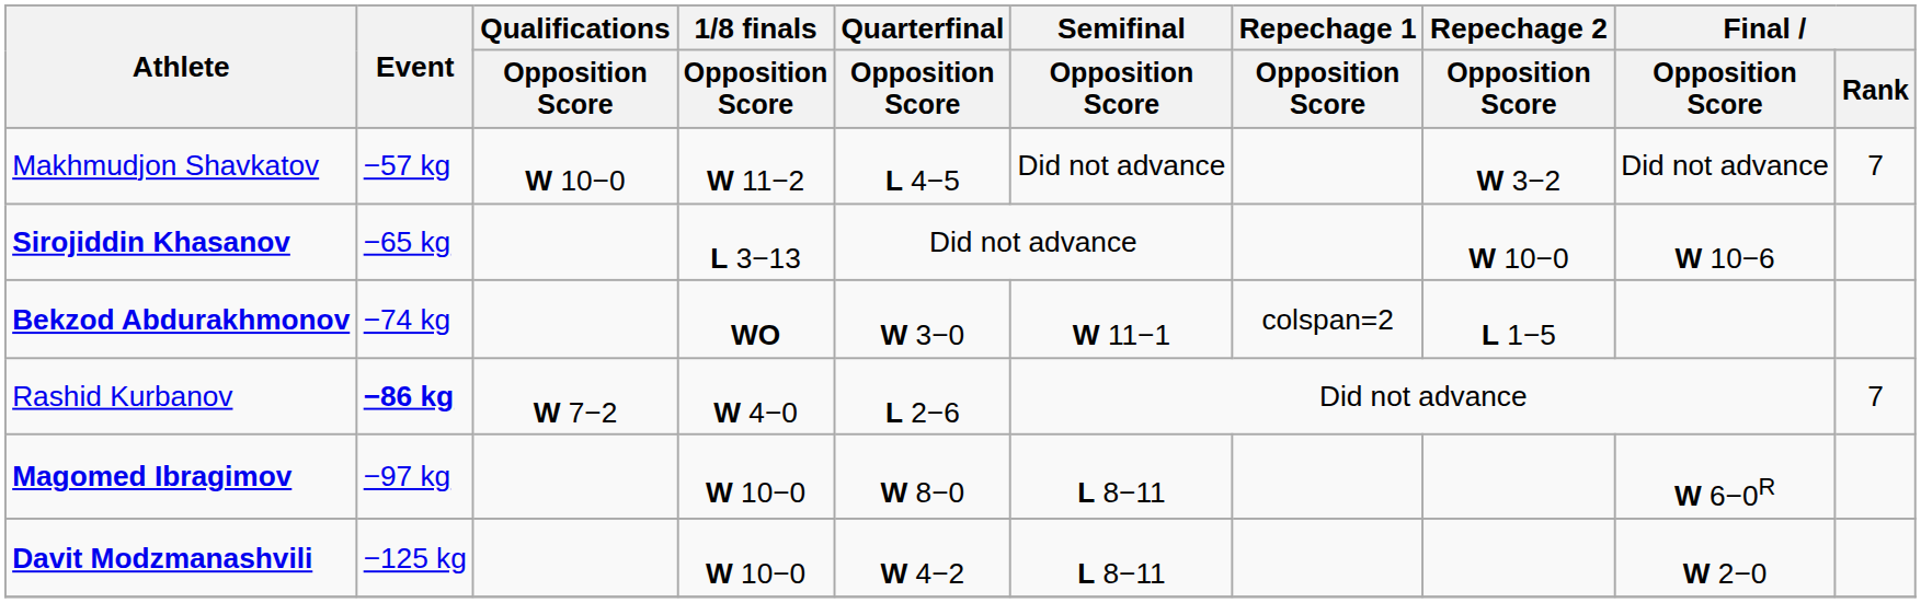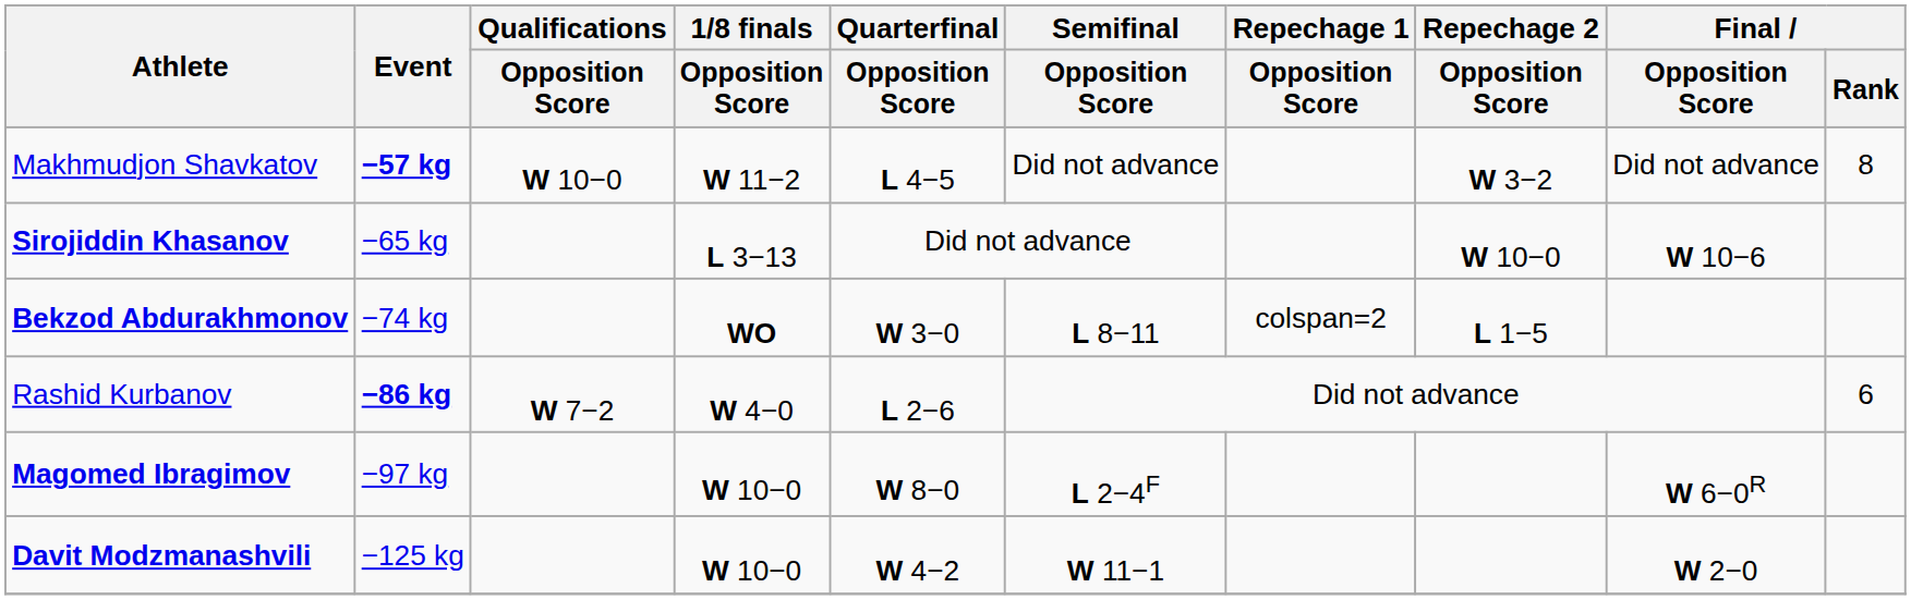 <table class=wikitable style=font-size:85%;text-align:center>
 <tr>
 <th rowspan=2>Athlete</th>
 <th rowspan=2>Event</th>
 <th>Qualifications</th>
 <th>1/8 finals</th>
 <th>Quarterfinal</th>
 <th>Semifinal</th>
 <th>Repechage 1</th>
 <th>Repechage 2</th>
 <th colspan=2>Final / </th>
 </tr>
 <tr style=font-size:95%>
 <th>Opposition<br>Score</th>
 <th>Opposition<br>Score</th>
 <th>Opposition<br>Score</th>
 <th>Opposition<br>Score</th>
 <th>Opposition<br>Score</th>
 <th>Opposition<br>Score</th>
 <th>Opposition<br>Score</th>
 <th>Rank</th>
 </tr>
 <tr>
 <td align=left><a href='#'>Makhmudjon Shavkatov</a></td>
-<td align=left><a href='#'>−57 kg</a></td>
+<td align=left><strong><a href='#'>−57 kg</a></strong></td>
 <td><br> <strong>W</strong> 10−0</td>
 <td><br><strong>W</strong> 11−2</td>
 <td><br><strong>L</strong> 4−5</td>
 <td>Did not advance</td>
 <td></td>
 <td><br><strong>W</strong> 3−2</td>
 <td>Did not advance</td>
-<td>7</td>
+<td>8</td>
 </tr>
 <tr>
 <td align=left><strong><a href='#'>Sirojiddin Khasanov</a></strong></td>
 <td align=left><a href='#'>−65 kg</a></td>
 <td></td>
 <td><br><strong>L</strong> 3−13</td>
 <td colspan=2>Did not advance</td>
 <td></td>
 <td><br><strong>W</strong> 10−0</td>
 <td><br><strong>W</strong> 10−6</td>
 <td></td>
 </tr>
 <tr>
 <td align=left><strong><a href='#'>Bekzod Abdurakhmonov</a></strong></td>
 <td align=left><a href='#'>−74 kg</a></td>
 <td></td>
 <td><br><strong>WO</strong></td>
 <td><br><strong>W</strong> 3−0</td>
-<td><br> <strong>W</strong> 11−1</td>
+<td><br><strong>L</strong>  8−11</td>
 <td>colspan=2 </td>
 <td><br><strong>L</strong> 1−5</td>
 <td></td>
 </tr>
 <tr>
 <td align=left><a href='#'>Rashid Kurbanov</a></td>
 <td align=left><strong><a href='#'>−86 kg</a></strong></td>
 <td><br><strong>W</strong> 7−2</td>
 <td><br> <strong>W</strong> 4−0</td>
 <td><br><strong>L</strong> 2−6</td>
 <td colspan=4>Did not advance</td>
-<td>7</td>
+<td>6</td>
 </tr>
 <tr>
 <td align=left><strong><a href='#'>Magomed Ibragimov</a></strong></td>
 <td align=left><a href='#'>−97 kg</a></td>
 <td></td>
 <td><br><strong>W</strong> 10−0</td>
 <td><br><strong>W</strong> 8−0</td>
-<td><br><strong>L</strong>  8−11</td>
+<td><br><strong>L</strong>  2−4<sup>F</sup></td>
 <td></td>
 <td></td>
 <td><br><strong>W</strong> 6−0<sup>R</sup></td>
 <td></td>
 </tr>
 <tr>
 <td align=left><strong><a href='#'>Davit Modzmanashvili</a></strong></td>
 <td align=left><a href='#'>−125 kg</a></td>
 <td></td>
 <td><br><strong>W</strong> 10−0</td>
 <td><br><strong>W</strong> 4−2</td>
-<td><br><strong>L</strong>  8−11</td>
+<td><br> <strong>W</strong> 11−1</td>
 <td></td>
 <td></td>
 <td><br><strong>W</strong> 2−0</td>
 <td></td>
 </tr>
 <tr>
 </tr>
 </table>
